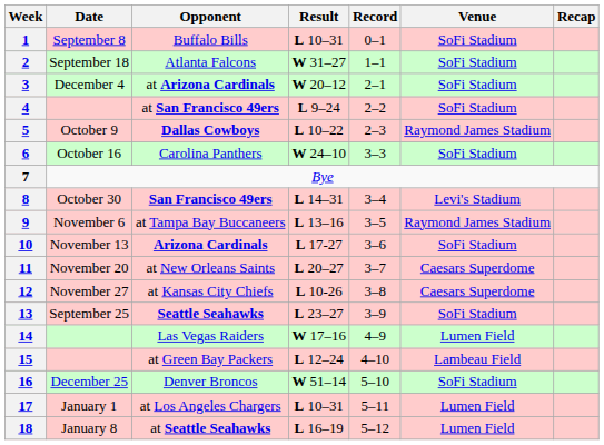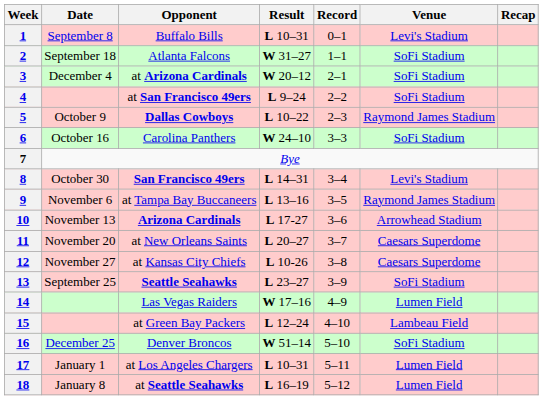 <table class="wikitable" style="text-align:center">
 <tr>
 <th>Week</th>
 <th>Date</th>
 <th>Opponent</th>
 <th>Result</th>
 <th>Record</th>
 <th>Venue</th>
 <th>Recap</th>
 </tr>
 <tr style="background:#fcc">
 <th><a href='#'>1</a></th>
 <td><a href='#'>September 8</a></td>
 <td><a href='#'>Buffalo Bills</a></td>
 <td><strong>L</strong> 10–31</td>
 <td>0–1</td>
-<td><a href='#'>SoFi Stadium</a></td>
+<td><a href='#'>Levi's Stadium</a></td>
 <td></td>
 </tr>
 <tr style="background:#cfc">
 <th><a href='#'>2</a></th>
 <td>September 18</td>
 <td><a href='#'>Atlanta Falcons</a></td>
 <td><strong>W</strong> 31–27</td>
 <td>1–1</td>
 <td><a href='#'>SoFi Stadium</a></td>
 <td></td>
 </tr>
 <tr style="background:#cfc">
 <th><a href='#'>3</a></th>
 <td>December 4</td>
 <td>at <strong><a href='#'>Arizona Cardinals</a></strong></td>
 <td><strong>W</strong> 20–12</td>
 <td>2–1</td>
 <td><a href='#'>SoFi Stadium</a></td>
 <td></td>
 </tr>
 <tr style="background:#fcc">
 <th><a href='#'>4</a></th>
 <td></td>
 <td>at <strong><a href='#'>San Francisco 49ers</a></strong></td>
 <td><strong>L</strong> 9–24</td>
 <td>2–2</td>
 <td><a href='#'>SoFi Stadium</a></td>
 <td></td>
 </tr>
 <tr style="background:#fcc">
 <th><a href='#'>5</a></th>
 <td>October 9</td>
 <td><strong><a href='#'>Dallas Cowboys</a></strong></td>
 <td><strong>L</strong> 10–22</td>
 <td>2–3</td>
 <td><a href='#'>Raymond James Stadium</a></td>
 <td></td>
 </tr>
 <tr style="background:#cfc">
 <th><a href='#'>6</a></th>
 <td>October 16</td>
 <td><a href='#'>Carolina Panthers</a></td>
 <td><strong>W</strong> 24–10</td>
 <td>3–3</td>
 <td><a href='#'>SoFi Stadium</a></td>
 <td></td>
 </tr>
 <tr>
 <th>7</th>
 <td colspan="6"><em><a href='#'>Bye</a></em></td>
 </tr>
 <tr style="background:#fcc">
 <th><a href='#'>8</a></th>
 <td>October 30</td>
 <td><strong><a href='#'>San Francisco 49ers</a></strong></td>
 <td><strong>L</strong> 14–31</td>
 <td>3–4</td>
 <td><a href='#'>Levi's Stadium</a></td>
 <td></td>
 </tr>
 <tr style="background:#fcc">
 <th><a href='#'>9</a></th>
 <td>November 6</td>
 <td>at <a href='#'>Tampa Bay Buccaneers</a></td>
 <td><strong>L</strong> 13–16</td>
 <td>3–5</td>
 <td><a href='#'>Raymond James Stadium</a></td>
 <td></td>
 </tr>
 <tr style="background:#fcc">
 <th><a href='#'>10</a></th>
 <td>November 13</td>
 <td><strong><a href='#'>Arizona Cardinals</a></strong></td>
 <td><strong>L</strong> 17-27</td>
 <td>3–6</td>
-<td><a href='#'>SoFi Stadium</a></td>
+<td><a href='#'>Arrowhead Stadium</a></td>
 <td></td>
 </tr>
 <tr style="background:#fcc">
 <th><a href='#'>11</a></th>
 <td>November 20</td>
 <td>at <a href='#'>New Orleans Saints</a></td>
 <td><strong>L</strong> 20–27</td>
 <td>3–7</td>
 <td><a href='#'>Caesars Superdome</a></td>
 <td></td>
 </tr>
 <tr style="background:#fcc">
 <th><a href='#'>12</a></th>
 <td>November 27</td>
 <td>at <a href='#'>Kansas City Chiefs</a></td>
 <td><strong>L</strong> 10-26</td>
 <td>3–8</td>
 <td><a href='#'>Caesars Superdome</a></td>
 <td></td>
 </tr>
 <tr style="background:#fcc">
 <th><a href='#'>13</a></th>
 <td>September 25</td>
 <td><strong><a href='#'>Seattle Seahawks</a></strong></td>
 <td><strong>L</strong> 23–27</td>
 <td>3–9</td>
 <td><a href='#'>SoFi Stadium</a></td>
 <td></td>
 </tr>
 <tr style="background:#cfc">
 <th><a href='#'>14</a></th>
 <td></td>
 <td><a href='#'>Las Vegas Raiders</a></td>
 <td><strong>W</strong> 17–16</td>
 <td>4–9</td>
 <td><a href='#'>Lumen Field</a></td>
 <td></td>
 </tr>
 <tr style="background:#fcc">
 <th><a href='#'>15</a></th>
 <td></td>
 <td>at <a href='#'>Green Bay Packers</a></td>
 <td><strong>L</strong> 12–24</td>
 <td>4–10</td>
 <td><a href='#'>Lambeau Field</a></td>
 <td></td>
 </tr>
 <tr style="background:#cfc">
 <th><a href='#'>16</a></th>
 <td><a href='#'>December 25</a></td>
 <td><a href='#'>Denver Broncos</a></td>
 <td><strong>W</strong> 51–14</td>
 <td>5–10</td>
 <td><a href='#'>SoFi Stadium</a></td>
 <td></td>
 </tr>
 <tr style="background:#fcc">
 <th><a href='#'>17</a></th>
 <td>January 1</td>
 <td>at <a href='#'>Los Angeles Chargers</a></td>
 <td><strong>L</strong> 10–31</td>
 <td>5–11</td>
 <td><a href='#'>Lumen Field</a></td>
 <td></td>
 </tr>
 <tr style="background:#fcc">
 <th><a href='#'>18</a></th>
 <td>January 8</td>
 <td>at <strong><a href='#'>Seattle Seahawks</a></strong></td>
 <td><strong>L</strong> 16–19 </td>
 <td>5–12</td>
 <td><a href='#'>Lumen Field</a></td>
 <td></td>
 </tr>
 </table>
